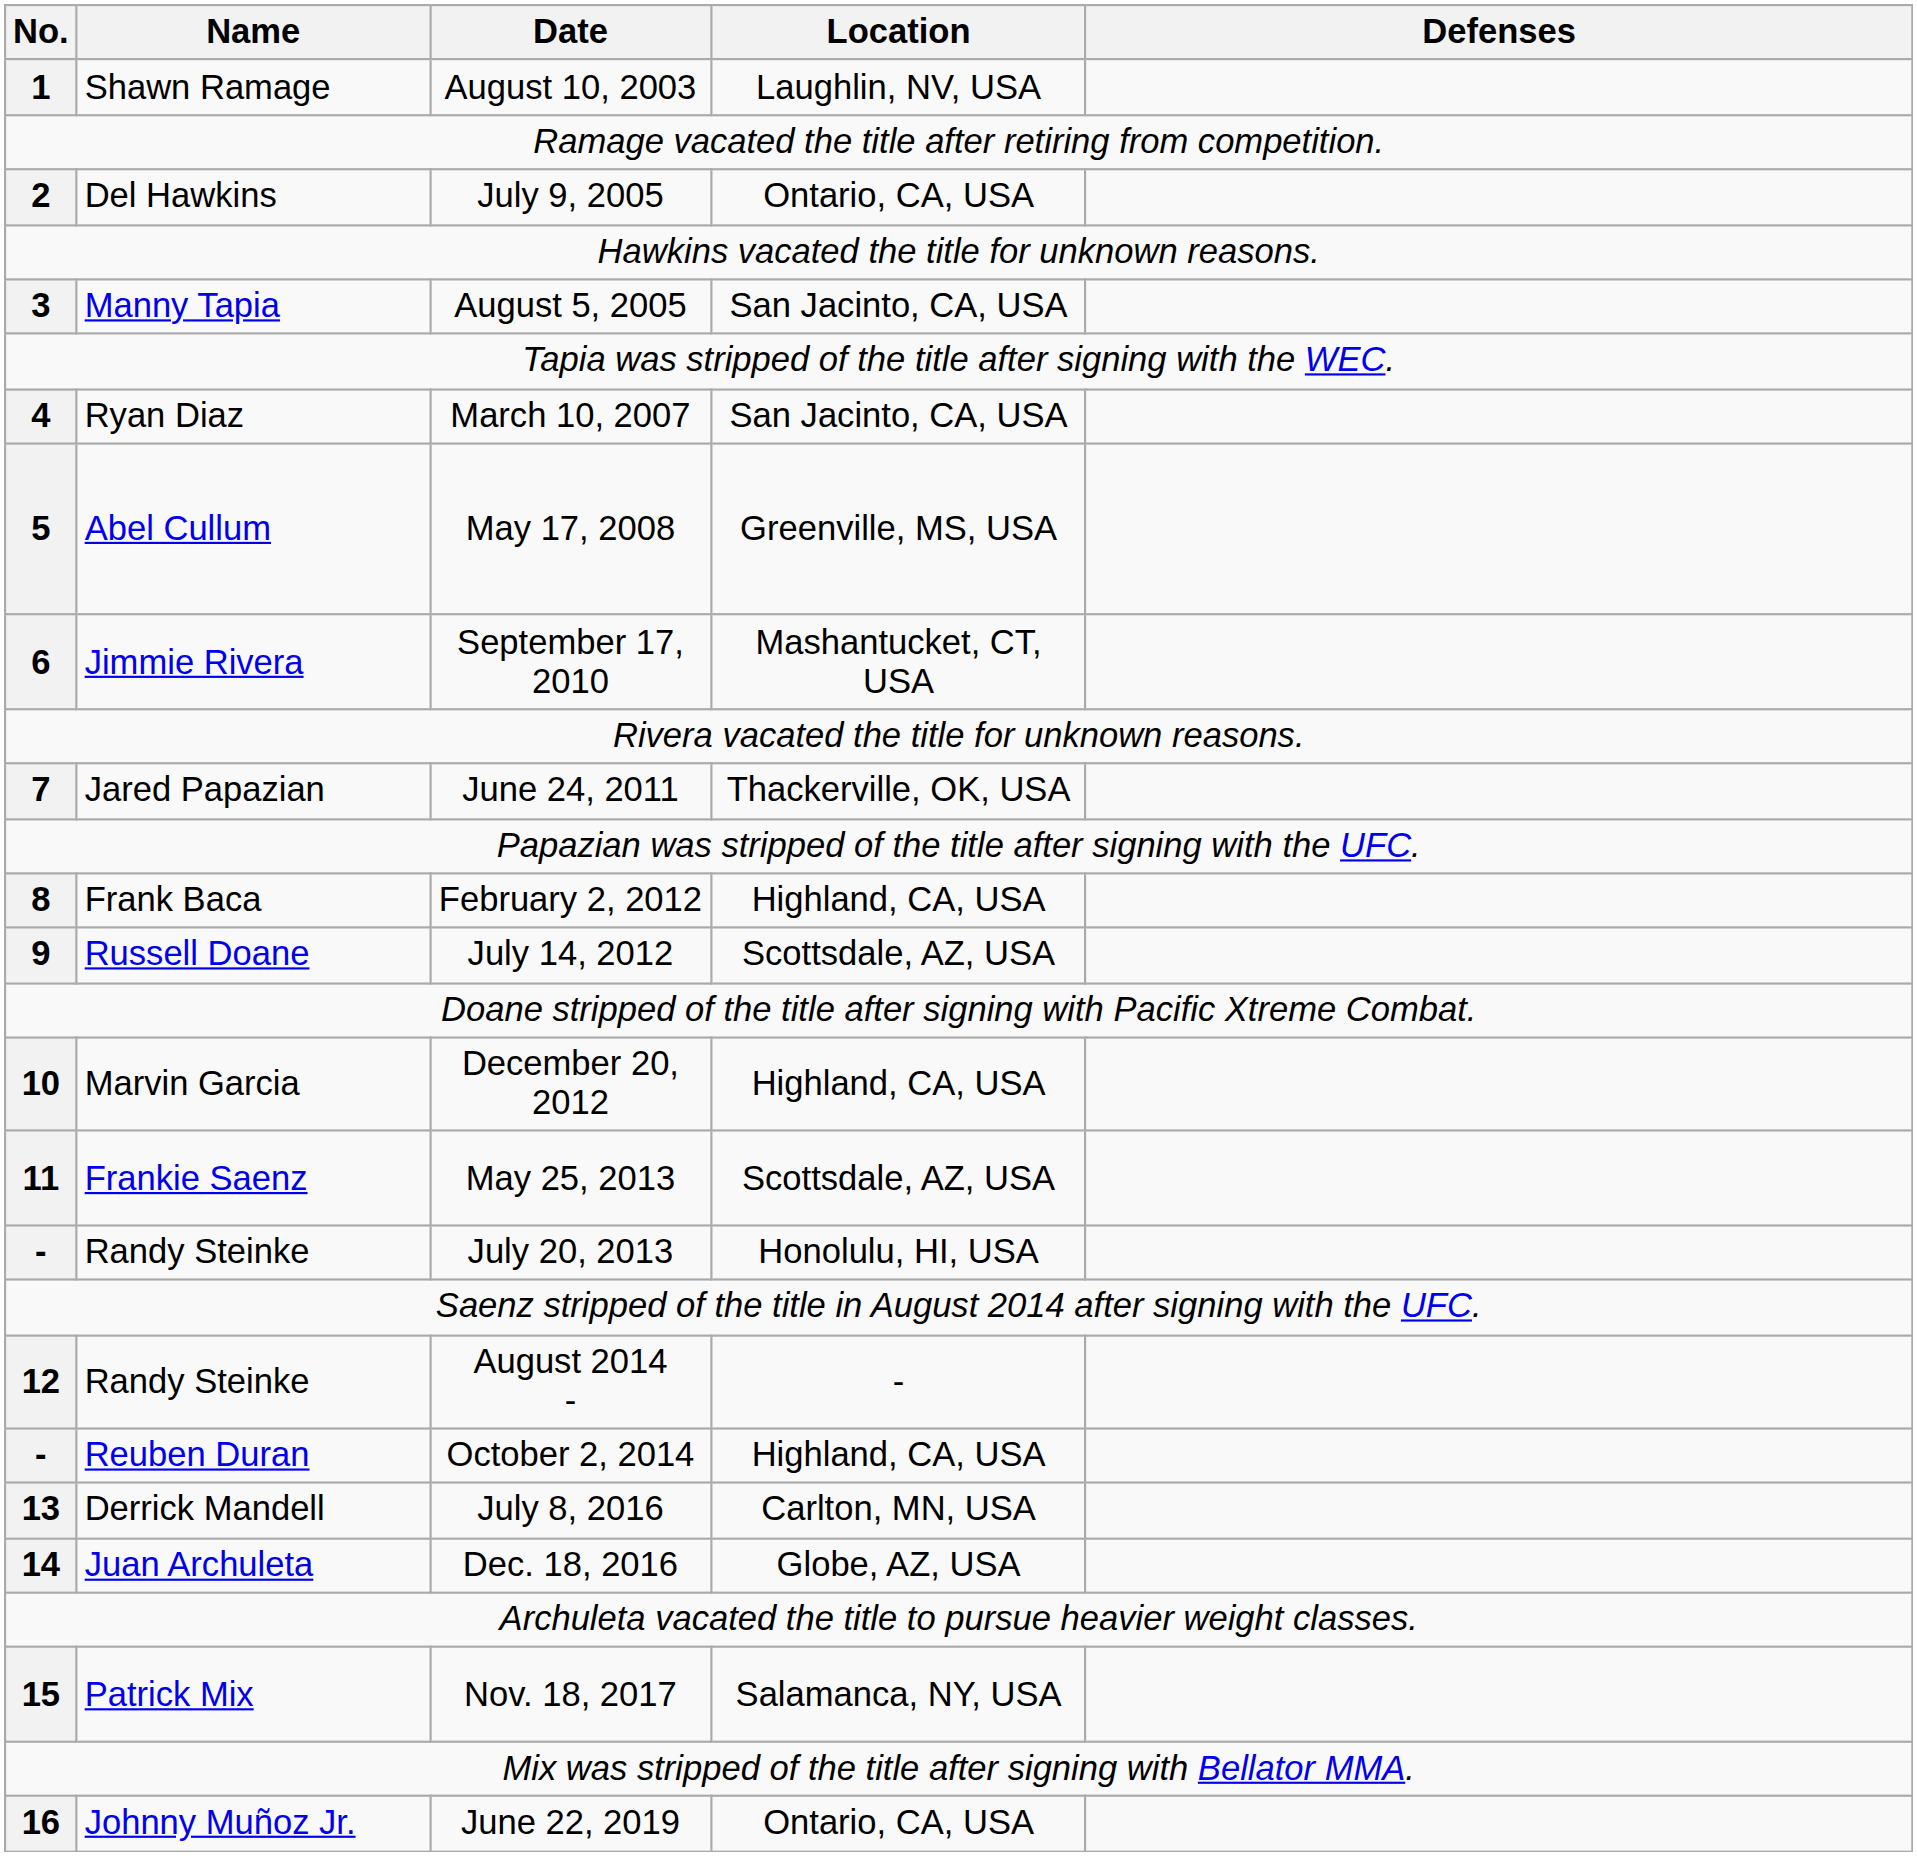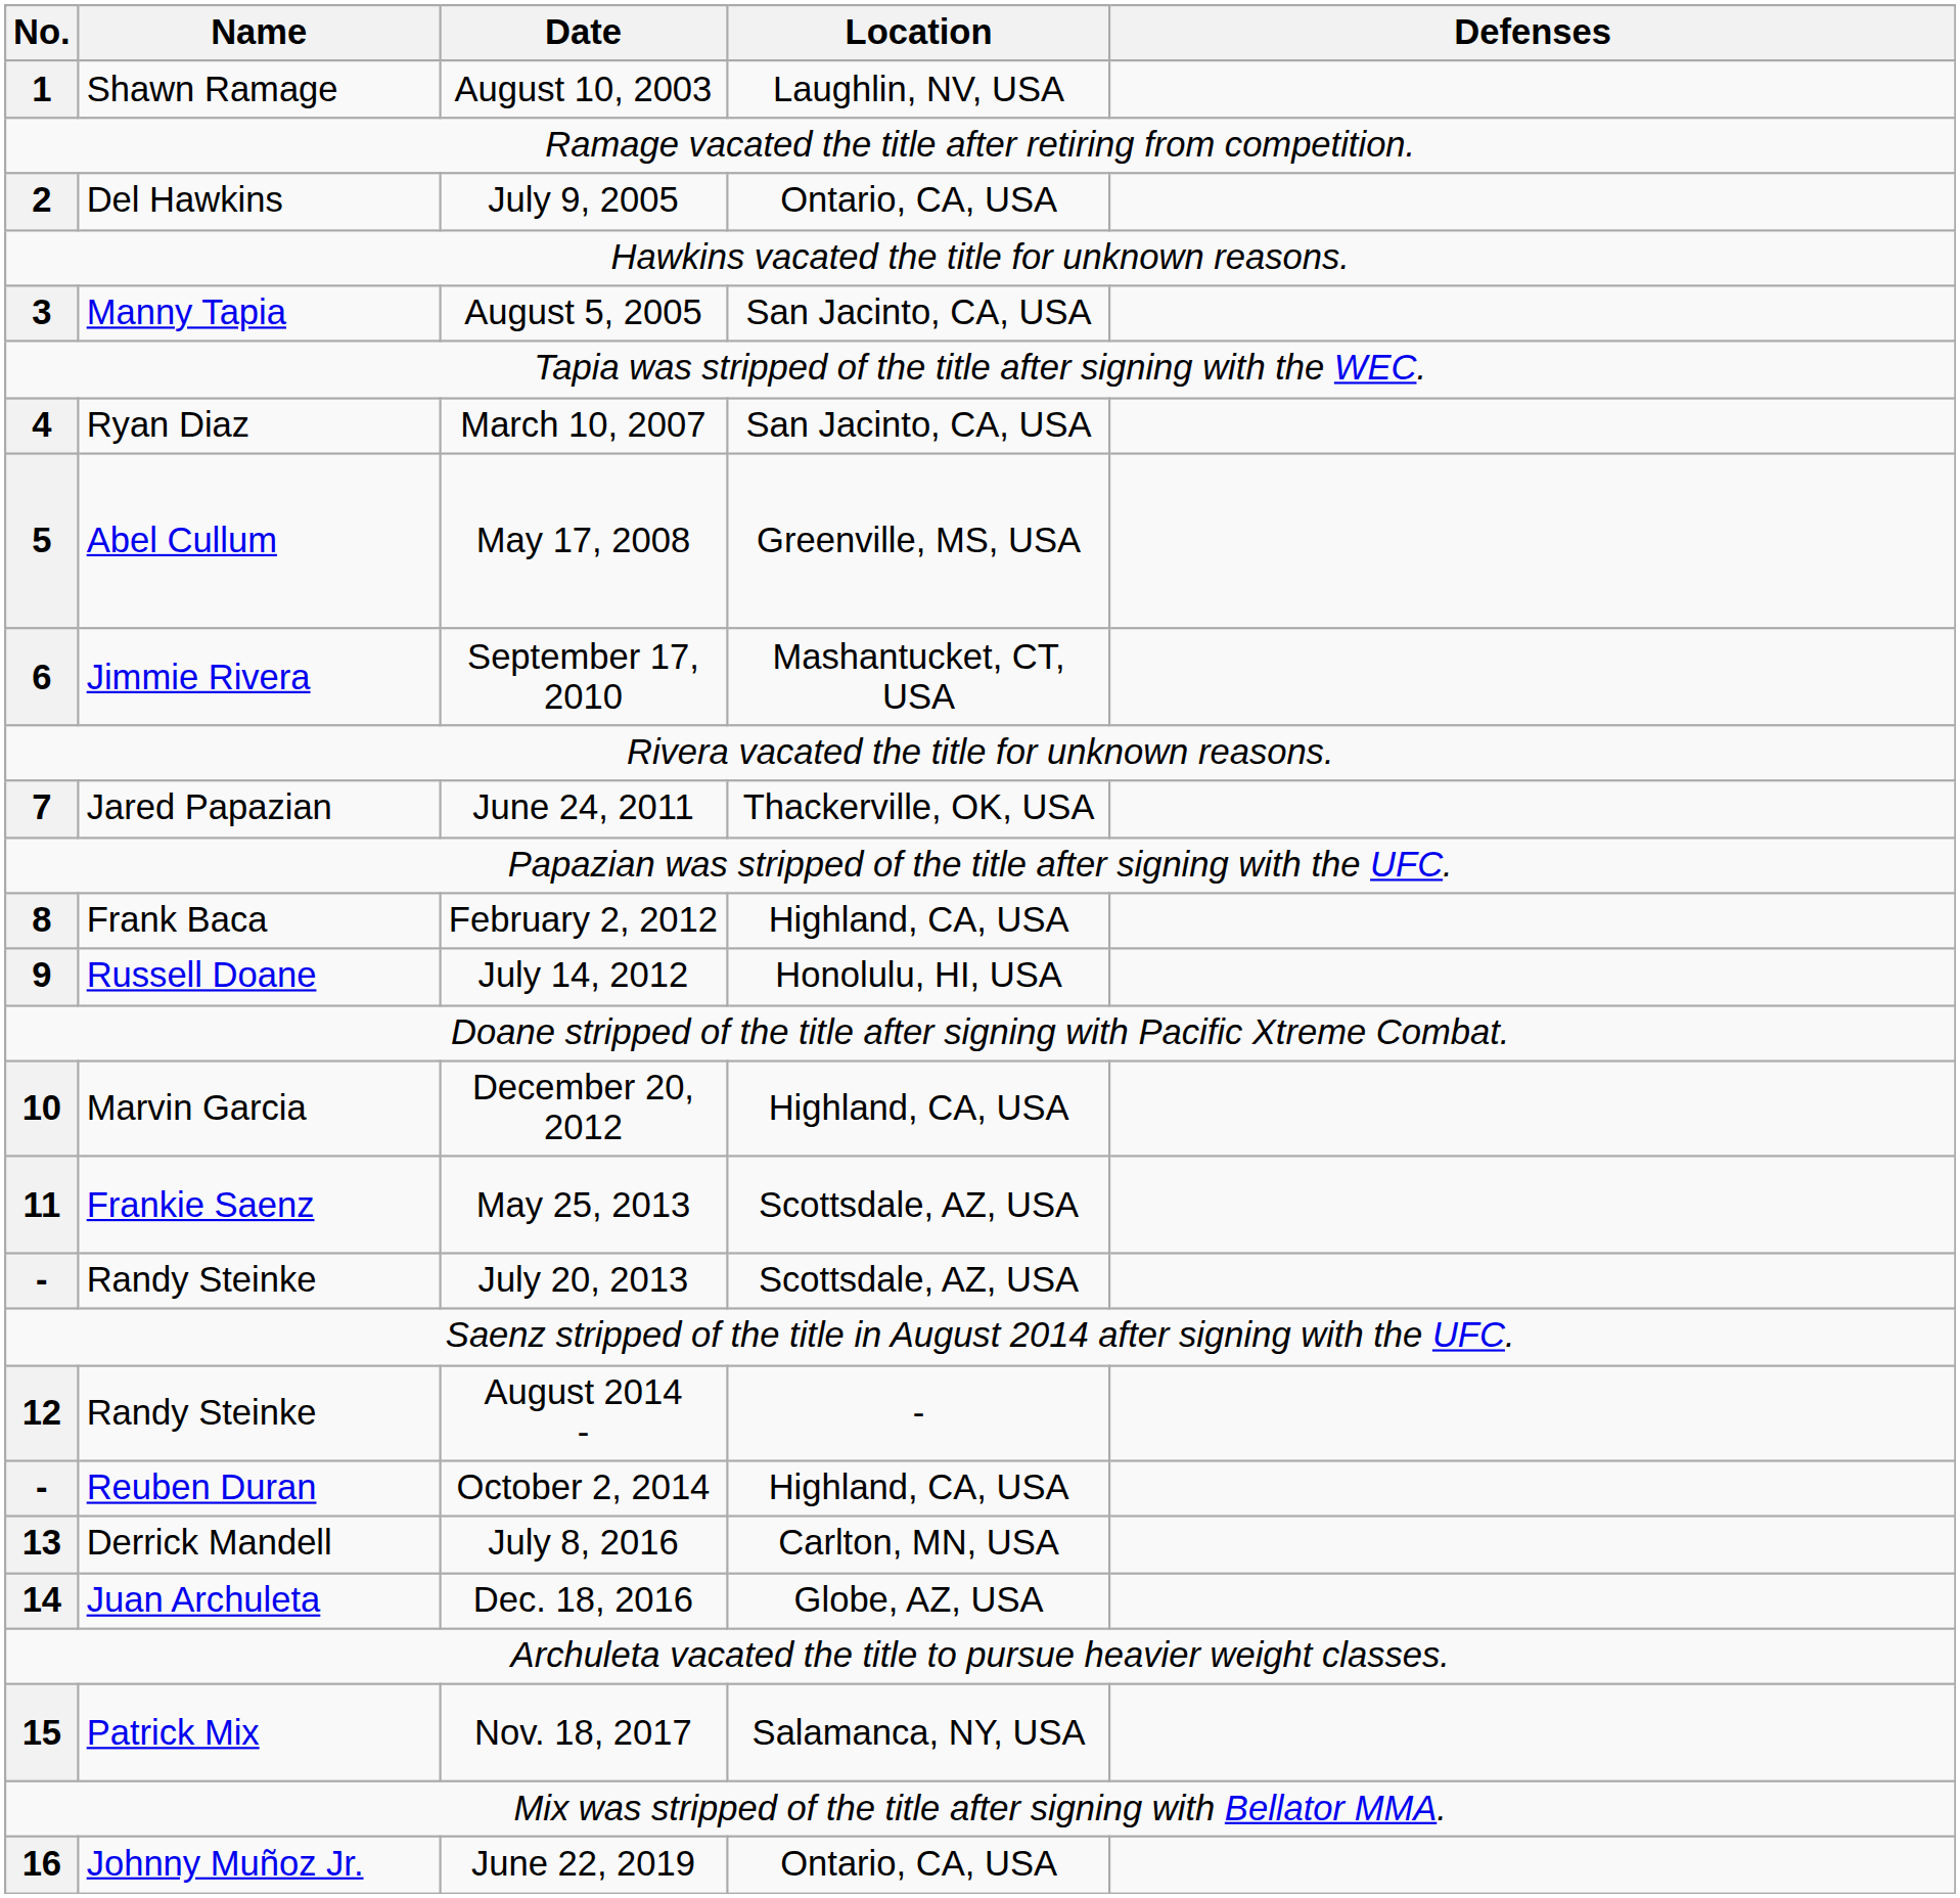 <table class="wikitable" width=100%>
 <tr>
 <th width=1%>No.</th>
 <th width=19%>Name</th>
 <th width=15%>Date</th>
 <th width=20%>Location</th>
 <th width=45%>Defenses</th>
 </tr>
 <tr>
 <th>1</th>
 <td align=left> Shawn Ramage<br></td>
 <td align=center>August 10, 2003 <br></td>
 <td align=center>Laughlin, NV, USA</td>
 <td></td>
 </tr>
 <tr>
 <td align="center" colspan="5"><em>Ramage vacated the title after retiring from competition.</em></td>
 </tr>
 <tr>
 <th>2</th>
 <td align=left> Del Hawkins<br></td>
 <td align=center>July 9, 2005 <br></td>
 <td align=center>Ontario, CA, USA</td>
 <td></td>
 </tr>
 <tr>
 <td align="center" colspan="5"><em>Hawkins vacated the title for unknown reasons.</em></td>
 </tr>
 <tr>
 <th>3</th>
 <td align=left> <a href='#'>Manny Tapia</a><br></td>
 <td align=center>August 5, 2005 <br></td>
 <td align=center>San Jacinto, CA, USA</td>
 <td></td>
 </tr>
 <tr>
 <td align="center" colspan="5"><em>Tapia was stripped of the title after signing with the <a href='#'>WEC</a>.</em></td>
 </tr>
 <tr>
 <th>4</th>
 <td align=left> Ryan Diaz<br></td>
 <td align=center>March 10, 2007 <br></td>
 <td align=center>San Jacinto, CA, USA</td>
 <td></td>
 </tr>
 <tr>
 <th>5</th>
 <td align=left> <a href='#'>Abel Cullum</a></td>
 <td align=center>May 17, 2008 <br></td>
 <td align=center>Greenville, MS, USA</td>
 <td><br><br> <br> <br> </td>
 </tr>
 <tr>
 <th>6</th>
 <td align=left> <a href='#'>Jimmie Rivera</a></td>
 <td align=center>September 17, 2010 <br></td>
 <td align=center>Mashantucket, CT, USA</td>
 <td><br></td>
 </tr>
 <tr>
 <td align="center" colspan="5"><em>Rivera vacated the title for unknown reasons.</em></td>
 </tr>
 <tr>
 <th>7</th>
 <td align=left> Jared Papazian<br></td>
 <td align=center>June 24, 2011 <br></td>
 <td align=center>Thackerville, OK, USA</td>
 <td><br></td>
 </tr>
 <tr>
 <td align="center" colspan="5"><em>Papazian was stripped of the title after signing with the <a href='#'>UFC</a>.</em></td>
 </tr>
 <tr>
 <th>8</th>
 <td align=left> Frank Baca<br></td>
 <td align=center>February 2, 2012 <br></td>
 <td align=center>Highland, CA, USA</td>
 <td></td>
 </tr>
 <tr>
 <th>9</th>
 <td align=left> <a href='#'>Russell Doane</a></td>
 <td align=center>July 14, 2012 <br></td>
-<td align=center>Scottsdale, AZ, USA</td>
+<td align=center>Honolulu, HI, USA</td>
 <td></td>
 </tr>
 <tr>
 <td align="center" colspan="5"><em>Doane stripped of the title after signing with Pacific Xtreme Combat.</em></td>
 </tr>
 <tr>
 <th>10</th>
 <td align=left> Marvin Garcia<br></td>
 <td align=center>December 20, 2012 <br></td>
 <td align=center>Highland, CA, USA</td>
 <td></td>
 </tr>
 <tr>
 <th>11</th>
 <td align=left> <a href='#'>Frankie Saenz</a></td>
 <td align=center>May 25, 2013 <br></td>
 <td align=center>Scottsdale, AZ, USA</td>
 <td><br><br> </td>
 </tr>
 <tr>
 <th>-</th>
 <td align=left> Randy Steinke<br></td>
 <td align=center>July 20, 2013 <br></td>
-<td align=center>Honolulu, HI, USA</td>
+<td align=center>Scottsdale, AZ, USA</td>
 <td><br></td>
 </tr>
 <tr>
 <td align="center" colspan="5"><em>Saenz stripped of the title in August 2014 after signing with the <a href='#'>UFC</a>.</em></td>
 </tr>
 <tr>
 <th>12</th>
 <td align=left> Randy Steinke<br></td>
 <td align=center>August 2014 <br>-</td>
 <td align=center>-</td>
 <td></td>
 </tr>
 <tr>
 <th>-</th>
 <td align=left> <a href='#'>Reuben Duran</a><br></td>
 <td align=center>October 2, 2014 <br></td>
 <td align=center>Highland, CA, USA</td>
 <td><br></td>
 </tr>
 <tr>
 <th>13</th>
 <td align=left> Derrick Mandell</td>
 <td align=center>July 8, 2016 <br></td>
 <td align=center>Carlton, MN, USA</td>
 <td></td>
 </tr>
 <tr>
 <th>14</th>
 <td align=left> <a href='#'>Juan Archuleta</a></td>
 <td align=center>Dec. 18, 2016 <br></td>
 <td align=center>Globe, AZ, USA</td>
 <td></td>
 </tr>
 <tr>
 <td align="center" colspan="5"><em>Archuleta vacated the title to pursue heavier weight classes.</em></td>
 </tr>
 <tr>
 <th>15</th>
 <td align=left> <a href='#'>Patrick Mix</a><br></td>
 <td align=center>Nov. 18, 2017 <br></td>
 <td align=center>Salamanca, NY, USA</td>
 <td><br><br> </td>
 </tr>
 <tr>
 <td align="center" colspan="5"><em>Mix was stripped of the title after signing with <a href='#'>Bellator MMA</a>.</em></td>
 </tr>
 <tr>
 <th>16</th>
 <td align=left> <a href='#'>Johnny Muñoz Jr.</a><br></td>
 <td align=center>June 22, 2019 <br></td>
 <td align=center>Ontario, CA, USA</td>
 <td></td>
 </tr>
 <tr>
 </tr>
 </table>
